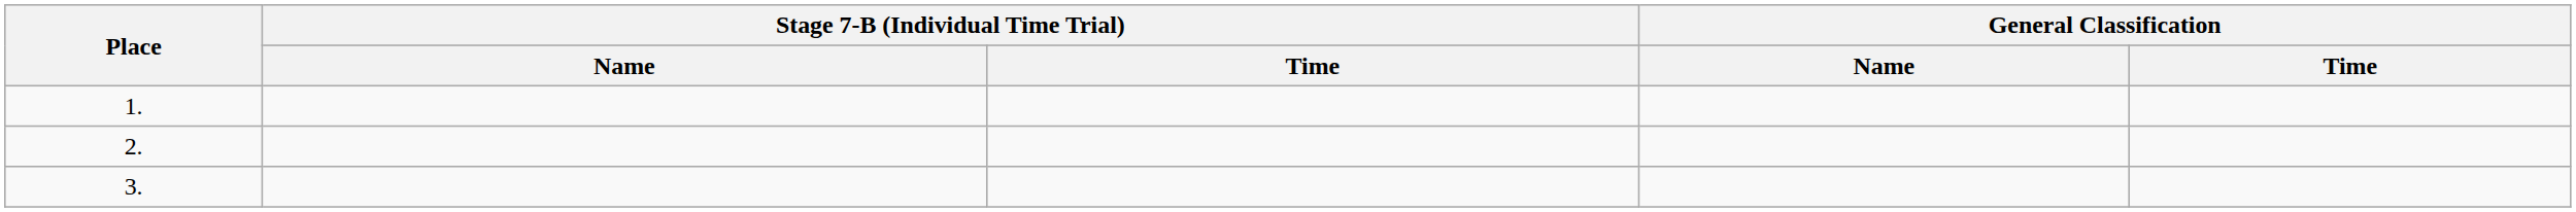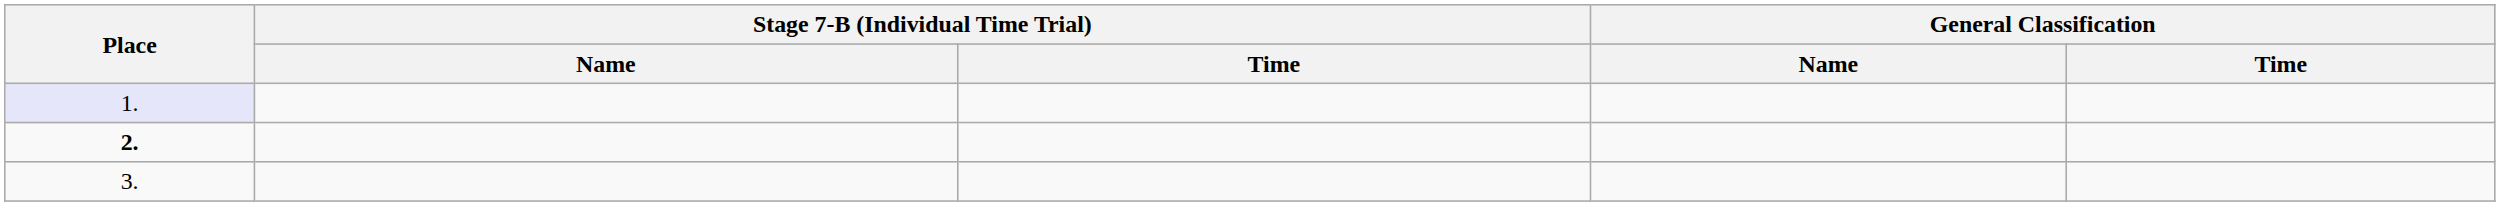 <table class=wikitable style="font-size:95%" width="80%">
 <tr>
 <th rowspan="2">Place</th>
 <th colspan="2">Stage 7-B (Individual Time Trial)</th>
 <th colspan="2">General Classification</th>
 </tr>
 <tr>
 <th>Name</th>
 <th>Time</th>
 <th>Name</th>
 <th>Time</th>
 </tr>
 <tr>
-<td align="center">1.</td>
+<td align="center" style="background: lavender;">1.</td>
 <td></td>
 <td></td>
 <td></td>
 <td></td>
 </tr>
 <tr>
-<td align="center">2.</td>
+<td align="center"><strong>2.</strong></td>
 <td></td>
 <td></td>
 <td></td>
 <td></td>
 </tr>
 <tr>
 <td align="center">3.</td>
 <td></td>
 <td></td>
 <td></td>
 <td></td>
 </tr>
 </table>
